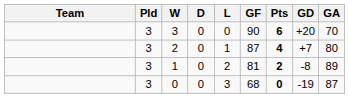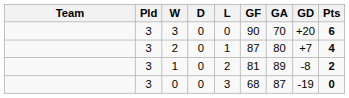 <table class="wikitable" style="text-align: center;">
 <tr>
 <th width="180">Team</th>
 <th width="30">Pld</th>
 <th width="30">W</th>
 <th width="30">D</th>
 <th width="30">L</th>
 <th width="30">GF</th>
+<th width="30">GA</th>
+<th width="30">GD</th>
 <th width="30">Pts</th>
-<th width="30">GD</th>
-<th width="30">GA</th>
 </tr>
 <tr>
 <td align="left"></td>
 <td>3</td>
 <td>3</td>
 <td>0</td>
 <td>0</td>
 <td>90</td>
+<td>70</td>
+<td>+20</td>
 <td><strong>6</strong></td>
-<td>+20</td>
-<td>70</td>
 </tr>
 <tr>
 <td align="left"></td>
 <td>3</td>
 <td>2</td>
 <td>0</td>
 <td>1</td>
 <td>87</td>
+<td>80</td>
+<td>+7</td>
 <td><strong>4</strong></td>
-<td>+7</td>
-<td>80</td>
 </tr>
 <tr>
 <td align="left"></td>
 <td>3</td>
 <td>1</td>
 <td>0</td>
 <td>2</td>
 <td>81</td>
+<td>89</td>
+<td>-8</td>
 <td><strong>2</strong></td>
-<td>-8</td>
-<td>89</td>
 </tr>
 <tr>
 <td align="left"></td>
 <td>3</td>
 <td>0</td>
 <td>0</td>
 <td>3</td>
 <td>68</td>
+<td>87</td>
+<td>-19</td>
 <td><strong>0</strong></td>
-<td>-19</td>
-<td>87</td>
 </tr>
 </table>
